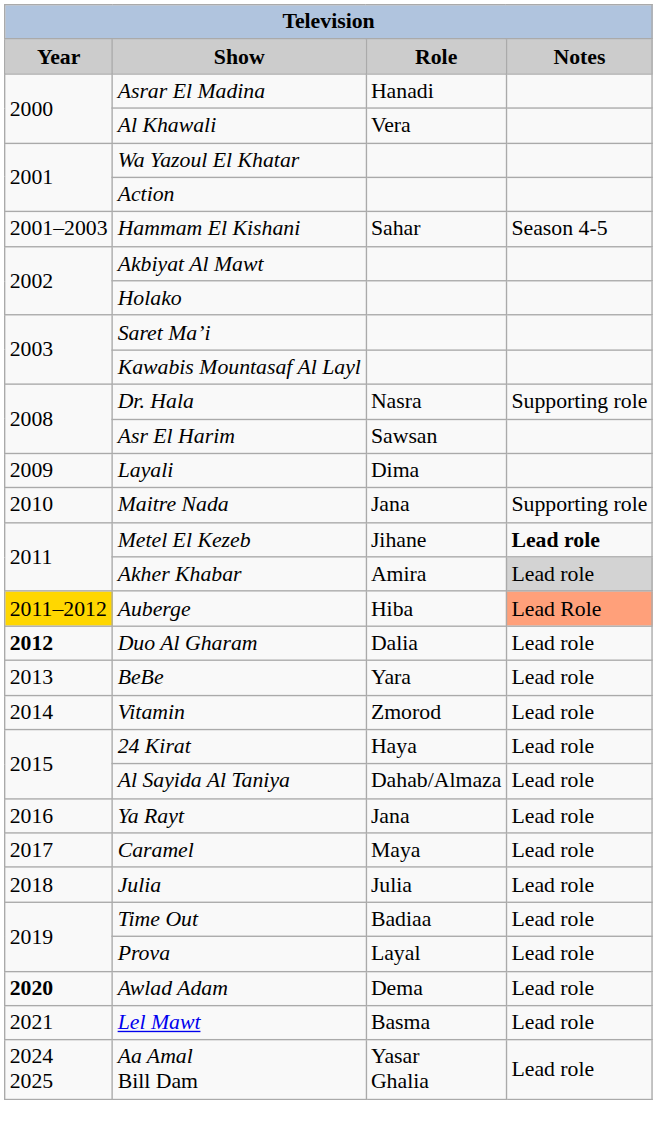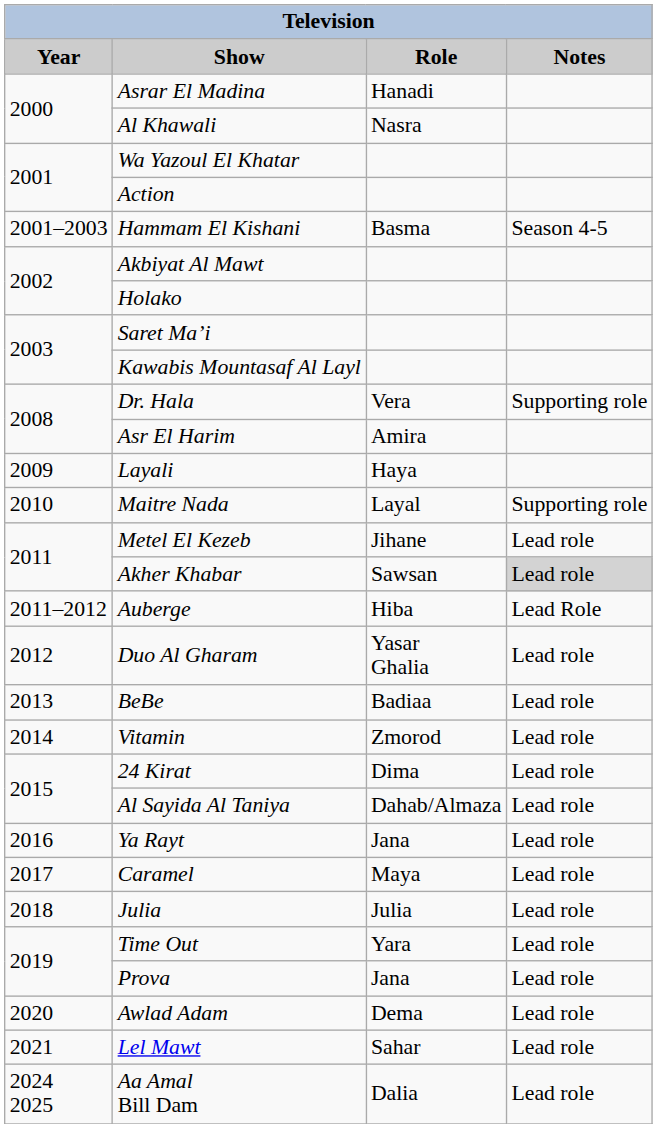 <table class="wikitable">
 <tr style="text-align:center;">
 <th colspan=4 style="background:#B0C4DE;">Television</th>
 </tr>
 <tr style="text-align:center;">
 <th style="background:#ccc;">Year</th>
 <th style="background:#ccc;">Show</th>
 <th style="background:#ccc;">Role</th>
 <th style="background:#ccc;">Notes</th>
 </tr>
 <tr>
 <td rowspan=2>2000</td>
 <td><em>Asrar El Madina</em></td>
 <td>Hanadi</td>
 <td></td>
 </tr>
 <tr>
 <td><em>Al Khawali</em></td>
-<td>Vera</td>
+<td>Nasra</td>
 <td></td>
 </tr>
 <tr>
 <td rowspan=2>2001</td>
 <td><em>Wa Yazoul El Khatar</em></td>
 <td></td>
 <td></td>
 </tr>
 <tr>
 <td><em>Action</em></td>
 <td></td>
 <td></td>
 </tr>
 <tr>
 <td rowspan=1>2001–2003</td>
 <td><em>Hammam El Kishani</em></td>
-<td>Sahar</td>
+<td>Basma</td>
 <td>Season 4-5</td>
 </tr>
 <tr>
 <td rowspan=2>2002</td>
 <td><em>Akbiyat Al Mawt</em></td>
 <td></td>
 <td></td>
 </tr>
 <tr>
 <td><em>Holako</em></td>
 <td></td>
 <td></td>
 </tr>
 <tr>
 <td rowspan=2>2003</td>
 <td><em>Saret Ma’i</em></td>
 <td></td>
 <td></td>
 </tr>
 <tr>
 <td><em>Kawabis Mountasaf Al Layl</em></td>
 <td></td>
 <td></td>
 </tr>
 <tr>
 <td rowspan=2>2008</td>
 <td><em>Dr. Hala</em></td>
-<td>Nasra</td>
+<td>Vera</td>
 <td>Supporting role</td>
 </tr>
 <tr>
 <td><em>Asr El Harim</em></td>
-<td>Sawsan</td>
+<td>Amira</td>
 <td></td>
 </tr>
 <tr>
 <td rowspan=1>2009</td>
 <td><em>Layali</em></td>
-<td>Dima</td>
+<td>Haya</td>
 <td></td>
 </tr>
 <tr>
 <td rowspan=1>2010</td>
 <td><em>Maitre Nada</em></td>
-<td>Jana</td>
+<td>Layal</td>
 <td>Supporting role</td>
 </tr>
 <tr>
 <td rowspan=2>2011</td>
 <td><em>Metel El Kezeb</em></td>
 <td>Jihane</td>
-<td><strong>Lead role</strong></td>
+<td>Lead role</td>
 </tr>
 <tr>
 <td><em>Akher Khabar</em></td>
-<td>Amira</td>
+<td>Sawsan</td>
 <td style="background: lightgrey;">Lead role</td>
 </tr>
 <tr>
-<td rowspan=1 style="background: gold;">2011–2012</td>
+<td rowspan=1>2011–2012</td>
 <td><em>Auberge</em></td>
 <td>Hiba</td>
-<td style="background: lightsalmon;">Lead Role</td>
+<td>Lead Role</td>
 </tr>
 <tr>
-<td rowspan=1><strong>2012</strong></td>
+<td rowspan=1>2012</td>
 <td><em>Duo Al Gharam</em></td>
-<td>Dalia</td>
+<td>Yasar<br>Ghalia</td>
 <td>Lead role</td>
 </tr>
 <tr>
 <td rowspan=1>2013</td>
 <td><em>BeBe</em></td>
-<td>Yara</td>
+<td>Badiaa</td>
 <td>Lead role</td>
 </tr>
 <tr>
 <td rowspan=1>2014</td>
 <td><em>Vitamin</em></td>
 <td>Zmorod</td>
 <td>Lead role</td>
 </tr>
 <tr>
 <td rowspan=2>2015</td>
 <td><em>24 Kirat</em></td>
-<td>Haya</td>
+<td>Dima</td>
 <td>Lead role</td>
 </tr>
 <tr>
 <td><em> Al Sayida Al Taniya</em></td>
 <td>Dahab/Almaza</td>
 <td>Lead role</td>
 </tr>
 <tr>
 <td rowspan=1>2016</td>
 <td><em>Ya Rayt</em></td>
 <td>Jana</td>
 <td>Lead role</td>
 </tr>
 <tr>
 <td rowspan=1>2017</td>
 <td><em>Caramel</em></td>
 <td>Maya</td>
 <td>Lead role</td>
 </tr>
 <tr>
 <td rowspan=1>2018</td>
 <td><em>Julia</em></td>
 <td>Julia</td>
 <td>Lead role</td>
 </tr>
 <tr>
 <td rowspan=2>2019</td>
 <td><em>Time Out</em></td>
-<td>Badiaa</td>
+<td>Yara</td>
 <td>Lead role</td>
 </tr>
 <tr>
 <td><em>Prova</em></td>
-<td>Layal</td>
+<td>Jana</td>
 <td>Lead role</td>
 </tr>
 <tr>
-<td rowspam=2><strong>2020</strong></td>
+<td rowspam=2>2020</td>
 <td><em>Awlad Adam</em></td>
 <td>Dema</td>
 <td>Lead role</td>
 </tr>
 <tr>
 <td>2021</td>
 <td><em><a href='#'>Lel Mawt</a></em></td>
-<td>Basma</td>
+<td>Sahar</td>
 <td>Lead role</td>
 </tr>
 <tr>
 <td>2024<br>2025</td>
 <td><em>Aa Amal</em><br>Bill Dam</td>
-<td>Yasar<br>Ghalia</td>
+<td>Dalia</td>
 <td>Lead role</td>
 </tr>
 </table>
